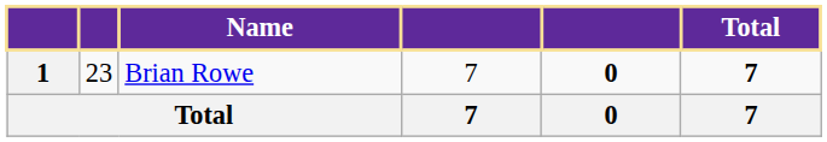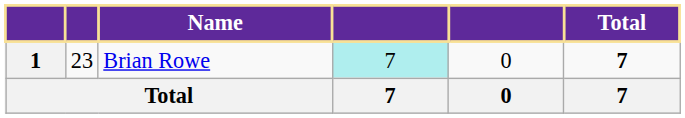 <table class="wikitable" style="text-align:center;">
 <tr>
 <th style="background:#5E299A; color:white; border:2px solid #F8E196; width:35px;"></th>
 <th style="background:#5E299A; color:white; border:2px solid #F8E196; width=35px;"></th>
 <th scope="col" style="background:#5E299A; color:white; border:2px solid #F8E196; width:160px;">Name</th>
 <th style="background:#5E299A; color:white; border:2px solid #F8E196; width:75px;"></th>
 <th style="background:#5E299A; color:white; border:2px solid #F8E196; width:75px;"></th>
 <th style="background:#5E299A; color:white; border:2px solid #F8E196; width:75px;">Total</th>
 </tr>
 <tr>
 <th>1</th>
 <td>23</td>
 <td align="left"> <a href='#'>Brian Rowe</a></td>
-<td>7</td>
-<td><strong>0</strong></td>
+<td style="background: paleturquoise;">7</td>
+<td>0</td>
 <td><strong>7</strong></td>
 </tr>
 <tr>
 <th colspan="3">Total</th>
 <th>7</th>
 <th>0</th>
 <th>7</th>
 </tr>
 </table>
